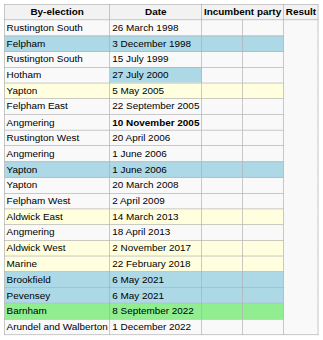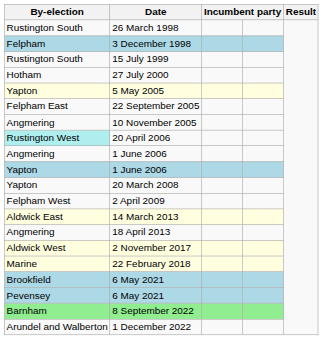 <table class="wikitable">
 <tr>
 <th>By-election</th>
 <th>Date</th>
 <th colspan=2>Incumbent party</th>
 <th colspan=2>Result</th>
 </tr>
 <tr>
 <td>Rustington South</td>
 <td>26 March 1998</td>
 <td></td>
 <td></td>
 </tr>
 <tr bgcolor=lightblue>
 <td>Felpham</td>
 <td>3 December 1998</td>
 <td></td>
 <td></td>
 </tr>
 <tr>
 <td>Rustington South</td>
 <td>15 July 1999</td>
 <td></td>
 <td></td>
 </tr>
 <tr>
 <td>Hotham</td>
-<td style="background: lightblue;">27 July 2000</td>
+<td>27 July 2000</td>
 <td></td>
 <td></td>
 </tr>
 <tr bgcolor=lightyellow>
 <td>Yapton</td>
 <td>5 May 2005</td>
 <td></td>
 <td></td>
 </tr>
 <tr>
 <td>Felpham East</td>
 <td>22 September 2005</td>
 <td></td>
 <td></td>
 </tr>
 <tr>
 <td>Angmering</td>
-<td><strong>10 November 2005</strong></td>
+<td>10 November 2005</td>
 <td></td>
 <td></td>
 </tr>
 <tr>
-<td>Rustington West</td>
+<td style="background: paleturquoise;">Rustington West</td>
 <td>20 April 2006</td>
 <td></td>
 <td></td>
 </tr>
 <tr>
 <td>Angmering</td>
 <td>1 June 2006</td>
 <td></td>
 <td></td>
 </tr>
 <tr bgcolor=lightblue>
 <td>Yapton</td>
 <td>1 June 2006</td>
 <td></td>
 <td></td>
 </tr>
 <tr>
 <td>Yapton</td>
 <td>20 March 2008</td>
 <td></td>
 <td></td>
 </tr>
 <tr>
 <td>Felpham West</td>
 <td>2 April 2009</td>
 <td></td>
 <td></td>
 </tr>
 <tr bgcolor=lightyellow>
 <td>Aldwick East</td>
 <td>14 March 2013</td>
 <td></td>
 <td></td>
 </tr>
 <tr>
 <td>Angmering</td>
 <td>18 April 2013</td>
 <td></td>
 <td></td>
 </tr>
 <tr bgcolor=lightyellow>
 <td>Aldwick West</td>
 <td>2 November 2017</td>
 <td></td>
 <td></td>
 </tr>
 <tr bgcolor=lightyellow>
 <td>Marine</td>
 <td>22 February 2018</td>
 <td></td>
 <td></td>
 </tr>
 <tr bgcolor=lightblue>
 <td>Brookfield</td>
 <td>6 May 2021</td>
 <td></td>
 <td></td>
 </tr>
 <tr bgcolor=lightblue>
 <td>Pevensey</td>
 <td>6 May 2021</td>
 <td></td>
 <td></td>
 </tr>
 <tr bgcolor=lightgreen>
 <td>Barnham</td>
 <td>8 September 2022</td>
 <td></td>
 <td></td>
 </tr>
 <tr>
 <td>Arundel and Walberton</td>
 <td>1 December 2022</td>
 <td></td>
 <td></td>
 </tr>
 </table>
